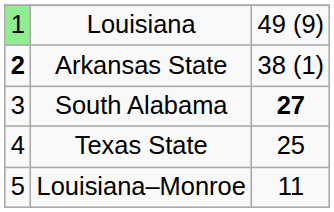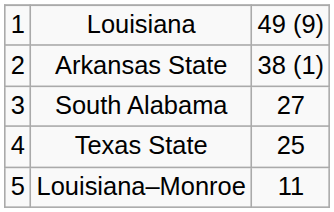 <table class="wikitable" style="display: inline-table;">
 <tr align="center">
 </tr>
 <tr align="center">
-<td style="background: lightgreen;">1</td>
+<td>1</td>
 <td>Louisiana</td>
 <td>49 (9)</td>
 </tr>
 <tr align="center">
-<td><strong>2</strong></td>
+<td>2</td>
 <td>Arkansas State</td>
 <td>38 (1)</td>
 </tr>
 <tr align="center">
 <td>3</td>
 <td>South Alabama</td>
-<td><strong>27</strong></td>
+<td>27</td>
 </tr>
 <tr align="center">
 <td>4</td>
 <td>Texas State</td>
 <td>25</td>
 </tr>
 <tr align="center">
 <td>5</td>
 <td>Louisiana–Monroe</td>
 <td>11</td>
 </tr>
 </table>
